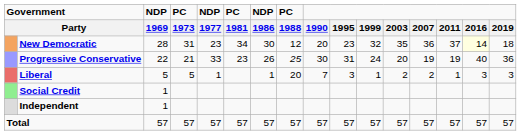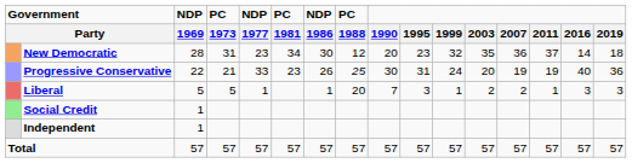 <table class="wikitable">
 <tr>
 <td colspan = "2"><strong>Government</strong></td>
 <td><strong>NDP</strong></td>
 <td><strong>PC</strong></td>
 <td><strong>NDP</strong></td>
 <td><strong>PC</strong></td>
 <td><strong>NDP</strong></td>
 <td><strong>PC</strong></td>
 </tr>
 <tr>
 <th colspan = "2">Party</th>
 <th><a href='#'>1969</a></th>
 <th><a href='#'>1973</a></th>
 <th><a href='#'>1977</a></th>
 <th><a href='#'>1981</a></th>
 <th><a href='#'>1986</a></th>
 <th><a href='#'>1988</a></th>
 <th><a href='#'>1990</a></th>
 <th>1995</th>
 <th>1999</th>
 <th>2003</th>
 <th>2007</th>
 <th>2011</th>
 <th>2016</th>
 <th>2019</th>
 </tr>
 <tr align = "right">
 <td bgcolor="#F4A460">   </td>
 <td align="left"><strong><a href='#'>New Democratic</a></strong></td>
 <td>28</td>
 <td>31</td>
 <td>23</td>
 <td>34</td>
 <td>30</td>
 <td>12</td>
 <td>20</td>
 <td>23</td>
 <td>32</td>
 <td>35</td>
 <td>36</td>
 <td>37</td>
-<td style="background: lightyellow;">14</td>
+<td>14</td>
 <td>18</td>
 </tr>
 <tr align = "right">
 <td bgcolor="#9999FF">   </td>
 <td align="left"><strong><a href='#'>Progressive Conservative</a></strong></td>
 <td>22</td>
 <td>21</td>
 <td>33</td>
 <td>23</td>
 <td>26</td>
 <td><em>25</em></td>
 <td>30</td>
 <td>31</td>
 <td>24</td>
 <td>20</td>
 <td>19</td>
 <td>19</td>
 <td>40</td>
 <td>36</td>
 </tr>
 <tr align = "right">
 <td bgcolor="#EA6D6A">   </td>
 <td align="left"><strong><a href='#'>Liberal</a></strong></td>
 <td>5</td>
 <td>5</td>
 <td>1</td>
 <td></td>
 <td>1</td>
 <td>20</td>
 <td>7</td>
 <td>3</td>
 <td>1</td>
 <td>2</td>
 <td>2</td>
 <td>1</td>
 <td>3</td>
 <td>3</td>
 </tr>
 <tr align = "right">
 <td bgcolor="#90EE90">   </td>
 <td align="left"><strong><a href='#'>Social Credit</a></strong></td>
 <td>1</td>
 <td></td>
 <td></td>
 <td></td>
 <td></td>
 <td></td>
 <td></td>
 <td></td>
 <td></td>
 <td></td>
 <td></td>
 <td></td>
 <td></td>
 <td></td>
 </tr>
 <tr align = "right">
 <td bgcolor="#DCDCDC">   </td>
 <td align="left"><strong>Independent</strong></td>
 <td>1</td>
 <td></td>
 <td></td>
 <td></td>
 <td></td>
 <td></td>
 <td></td>
 <td></td>
 <td></td>
 <td></td>
 <td></td>
 <td></td>
 <td></td>
 <td></td>
 </tr>
 <tr align = "right">
 <td colspan = "2" align="left"><strong>Total</strong></td>
 <td>57</td>
 <td>57</td>
 <td>57</td>
 <td>57</td>
 <td>57</td>
 <td>57</td>
 <td>57</td>
 <td>57</td>
 <td>57</td>
 <td>57</td>
 <td>57</td>
 <td>57</td>
 <td>57</td>
 <td>57</td>
 </tr>
 </table>
